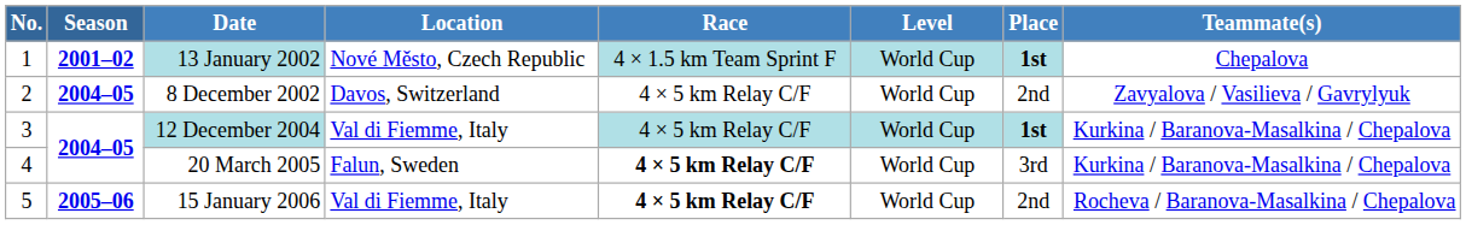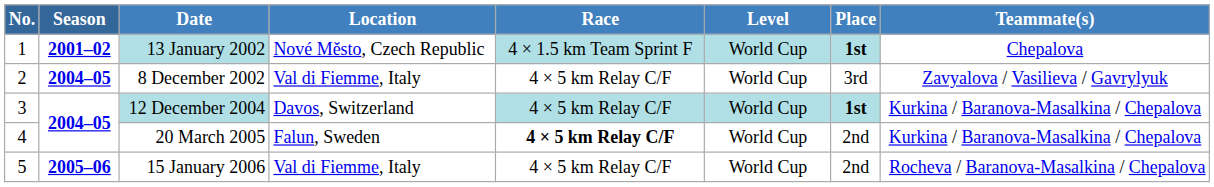 <table class="wikitable sortable" style="font-size:95%; text-align:center; border:grey solid 1px; border-collapse:collapse; background:#ffffff;">
 <tr style="background:#efefef;">
 <th style="background-color:#369; color:white;">No.</th>
 <th style="background-color:#369; color:white;">Season</th>
 <th style="background-color:#4180be; color:white; width:120px;">Date</th>
 <th style="background-color:#4180be; color:white; width:185px;">Location</th>
 <th style="background-color:#4180be; color:white; width:170px;">Race</th>
 <th style="background-color:#4180be; color:white; width:100px;">Level</th>
 <th style="background-color:#4180be; color:white;">Place</th>
 <th style="background-color:#4180be; color:white;">Teammate(s)</th>
 </tr>
 <tr>
 <td align=center>1</td>
 <td rowspan=1 align=center><strong><a href='#'>2001–02</a></strong></td>
 <td bgcolor="#BOEOE6" align=right>13 January 2002</td>
 <td align=left> <a href='#'>Nové Město</a>, Czech Republic</td>
 <td bgcolor="#BOEOE6">4 × 1.5 km Team Sprint F</td>
 <td bgcolor="#BOEOE6">World Cup</td>
 <td bgcolor="#BOEOE6"><strong>1st</strong></td>
 <td><a href='#'>Chepalova</a></td>
 </tr>
 <tr>
 <td align=center>2</td>
 <td rowspan=1 align=center><strong> <a href='#'>2004–05</a> </strong></td>
 <td align=right>8 December 2002</td>
-<td align=left> <a href='#'>Davos</a>, Switzerland</td>
+<td align=left> <a href='#'>Val di Fiemme</a>, Italy</td>
 <td>4 × 5 km Relay C/F</td>
 <td>World Cup</td>
-<td>2nd</td>
+<td>3rd</td>
 <td><a href='#'>Zavyalova</a> / <a href='#'>Vasilieva</a> / <a href='#'>Gavrylyuk</a></td>
 </tr>
 <tr>
 <td align=center>3</td>
 <td rowspan=2 align=center><strong><a href='#'>2004–05</a></strong></td>
 <td bgcolor="#BOEOE6" align=right>12 December 2004</td>
-<td align=left> <a href='#'>Val di Fiemme</a>, Italy</td>
+<td align=left> <a href='#'>Davos</a>, Switzerland</td>
 <td bgcolor="#BOEOE6">4 × 5 km Relay C/F</td>
 <td bgcolor="#BOEOE6">World Cup</td>
 <td bgcolor="#BOEOE6"><strong>1st</strong></td>
 <td><a href='#'>Kurkina</a> / <a href='#'>Baranova-Masalkina</a> / <a href='#'>Chepalova</a></td>
 </tr>
 <tr>
 <td align=center>4</td>
 <td align=right>20 March 2005</td>
 <td align=left> <a href='#'>Falun</a>, Sweden</td>
 <td><strong>4 × 5 km Relay C/F</strong></td>
 <td>World Cup</td>
-<td>3rd</td>
+<td>2nd</td>
 <td><a href='#'>Kurkina</a> / <a href='#'>Baranova-Masalkina</a> / <a href='#'>Chepalova</a></td>
 </tr>
 <tr>
 <td align=center>5</td>
 <td align=center><strong><a href='#'>2005–06</a></strong></td>
 <td align=right>15 January 2006</td>
 <td align=left> <a href='#'>Val di Fiemme</a>, Italy</td>
-<td><strong>4 × 5 km Relay C/F</strong></td>
+<td>4 × 5 km Relay C/F</td>
 <td>World Cup</td>
 <td>2nd</td>
 <td> <a href='#'>Rocheva</a> / <a href='#'>Baranova-Masalkina</a> / <a href='#'>Chepalova</a></td>
 </tr>
 </table>
